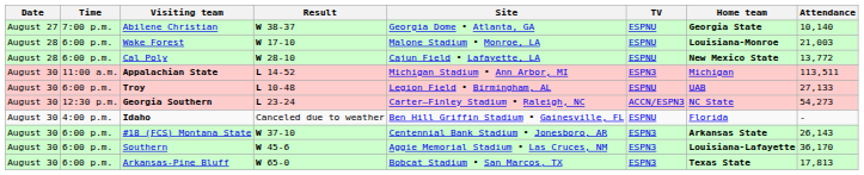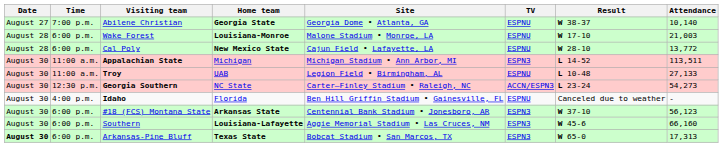 <table class="wikitable" style="font-size:95%;">
 <tr>
 <th>Date</th>
 <th>Time</th>
 <th>Visiting team</th>
-<th>Result</th>
+<th>Home team</th>
 <th>Site</th>
 <th>TV</th>
-<th>Home team</th>
+<th>Result</th>
 <th>Attendance</th>
 </tr>
 <tr style="background:#cfc;">
 <td>August 27</td>
 <td>7:00 p.m.</td>
 <td><a href='#'>Abilene Christian</a></td>
-<td><strong> W</strong> 38-37</td>
+<td><strong>Georgia State</strong></td>
 <td><a href='#'>Georgia Dome</a> • <a href='#'>Atlanta, GA</a></td>
 <td><a href='#'>ESPNU</a></td>
-<td><strong>Georgia State</strong></td>
+<td><strong> W</strong> 38-37</td>
 <td>10,140</td>
 </tr>
 <tr style="background:#cfc;">
 <td>August 28</td>
 <td>6:00 p.m.</td>
 <td><a href='#'>Wake Forest</a></td>
-<td><strong>W</strong> 17-10</td>
+<td><strong>Louisiana-Monroe</strong></td>
 <td><a href='#'>Malone Stadium</a> • <a href='#'>Monroe, LA</a></td>
 <td><a href='#'>ESPNU</a></td>
-<td><strong>Louisiana-Monroe</strong></td>
+<td><strong>W</strong> 17-10</td>
 <td>21,003</td>
 </tr>
 <tr style="background:#cfc;">
 <td>August 28</td>
 <td>6:00 p.m.</td>
 <td><a href='#'>Cal Poly</a></td>
-<td><strong>W</strong> 28-10</td>
+<td><strong>New Mexico State</strong></td>
 <td><a href='#'>Cajun Field</a> • <a href='#'>Lafayette, LA</a></td>
 <td><a href='#'>ESPNU</a></td>
-<td><strong>New Mexico State</strong></td>
+<td><strong>W</strong> 28-10</td>
 <td>13,772</td>
 </tr>
 <tr style="background:#fcc;">
 <td>August 30</td>
 <td>11:00 a.m.</td>
 <td><strong>Appalachian State</strong></td>
-<td><strong>L</strong> 14-52</td>
+<td><a href='#'>Michigan</a></td>
 <td><a href='#'>Michigan Stadium</a> • <a href='#'>Ann Arbor, MI</a></td>
 <td><a href='#'>ESPN3</a></td>
-<td><a href='#'>Michigan</a></td>
+<td><strong>L</strong> 14-52</td>
 <td>113,511</td>
 </tr>
 <tr style="background:#fcc;">
 <td>August 30</td>
-<td>6:00 p.m.</td>
+<td>11:00 a.m.</td>
 <td><strong>Troy</strong></td>
-<td><strong>L</strong> 10-48</td>
+<td><a href='#'>UAB</a></td>
 <td><a href='#'>Legion Field</a> • <a href='#'>Birmingham, AL</a></td>
 <td><a href='#'>ESPNU</a></td>
-<td><a href='#'>UAB</a></td>
+<td><strong>L</strong> 10-48</td>
 <td>27,133</td>
 </tr>
 <tr style="background:#fcc;">
 <td>August 30</td>
 <td>12:30 p.m.</td>
 <td><strong>Georgia Southern</strong></td>
-<td><strong>L</strong> 23-24</td>
+<td><a href='#'>NC State</a></td>
 <td><a href='#'>Carter–Finley Stadium</a> • <a href='#'>Raleigh, NC</a></td>
 <td><a href='#'>ACCN/ESPN3</a></td>
-<td><a href='#'>NC State</a></td>
+<td><strong>L</strong> 23-24</td>
 <td>54,273</td>
 </tr>
 <tr style="background:">
 <td>August 30</td>
 <td>4:00 p.m.</td>
 <td><strong>Idaho</strong></td>
-<td>Canceled due to weather</td>
+<td><a href='#'>Florida</a></td>
 <td><a href='#'>Ben Hill Griffin Stadium</a> • <a href='#'>Gainesville, FL</a></td>
 <td><a href='#'>ESPNU</a></td>
-<td><a href='#'>Florida</a></td>
+<td>Canceled due to weather</td>
 <td>-</td>
 </tr>
 <tr style="background:#cfc;">
 <td>August 30</td>
 <td>6:00 p.m.</td>
 <td><a href='#'>#18 (FCS) Montana State</a></td>
-<td><strong>W</strong> 37-10</td>
+<td><strong>Arkansas State</strong></td>
 <td><a href='#'>Centennial Bank Stadium</a> • <a href='#'>Jonesboro, AR</a></td>
 <td><a href='#'>ESPN3</a></td>
-<td><strong>Arkansas State</strong></td>
-<td>26,143</td>
+<td><strong>W</strong> 37-10</td>
+<td>56,123</td>
 </tr>
 <tr style="background:#cfc;">
 <td>August 30</td>
 <td>6:00 p.m.</td>
 <td><a href='#'>Southern</a></td>
-<td><strong>W</strong> 45-6</td>
+<td><strong>Louisiana-Lafayette</strong></td>
 <td><a href='#'>Aggie Memorial Stadium</a> • <a href='#'>Las Cruces, NM</a></td>
 <td><a href='#'>ESPN3</a></td>
-<td><strong>Louisiana-Lafayette</strong></td>
-<td>36,170</td>
+<td><strong>W</strong> 45-6</td>
+<td>66,160</td>
 </tr>
 <tr style="background:#cfc;">
-<td>August 30</td>
+<td><strong>August 30</strong></td>
 <td>6:00 p.m.</td>
 <td><a href='#'>Arkansas-Pine Bluff</a></td>
-<td><strong>W</strong> 65-0</td>
+<td><strong>Texas State</strong></td>
 <td><a href='#'>Bobcat Stadium</a> • <a href='#'>San Marcos, TX</a></td>
 <td><a href='#'>ESPN3</a></td>
-<td><strong>Texas State</strong></td>
-<td>17,813</td>
+<td><strong>W</strong> 65-0</td>
+<td>17,313</td>
 </tr>
 </table>
